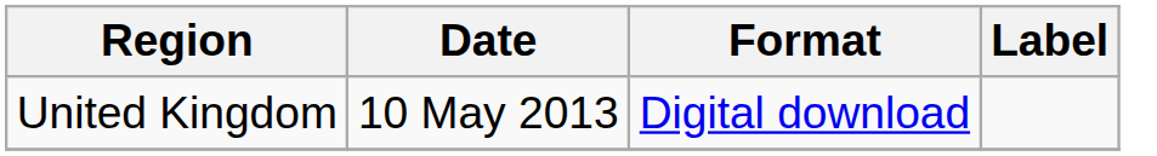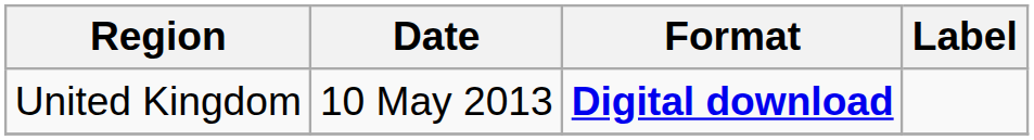 <table class=wikitable>
 <tr>
 <th>Region</th>
 <th>Date</th>
 <th>Format</th>
 <th>Label</th>
 </tr>
 <tr>
 <td>United Kingdom</td>
 <td>10 May 2013</td>
-<td><a href='#'>Digital download</a></td>
+<td><strong><a href='#'>Digital download</a></strong></td>
 <td></td>
 </tr>
 <tr>
 </tr>
 </table>
